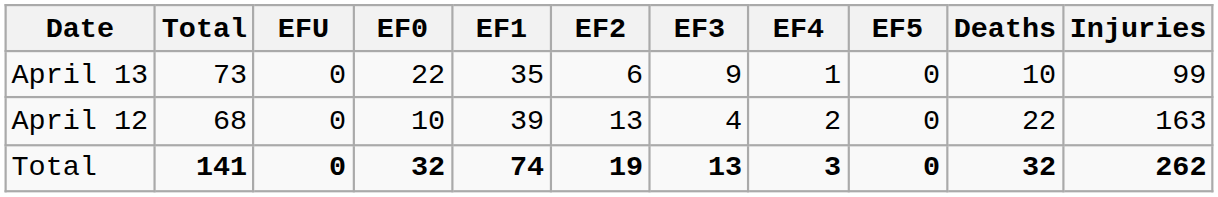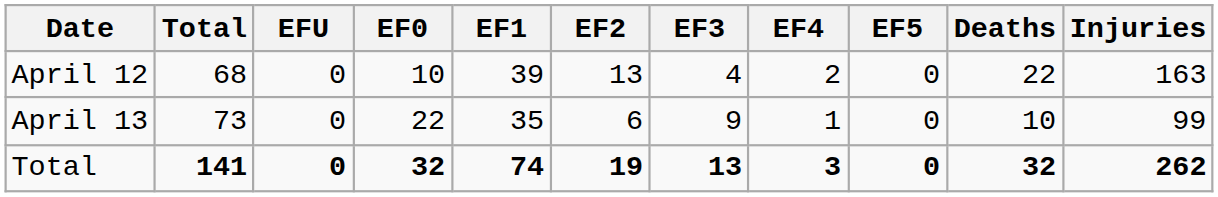 <table class="wikitable sortable" style="margin: 1em auto 1em auto;">
 <tr>
 <th scope="col">Date</th>
 <th scope="col" style="text-align:center;">Total</th>
 <th scope="col" style="text-align:center;"> EFU </th>
 <th scope="col" style="text-align:center;"> EF0 </th>
 <th scope="col" style="text-align:center;"> EF1 </th>
 <th scope="col" style="text-align:center;"> EF2 </th>
 <th scope="col" style="text-align:center;"> EF3 </th>
 <th scope="col" style="text-align:center;"> EF4 </th>
 <th scope="col" style="text-align:center;"> EF5 </th>
 <th scope="col" style="text-align:center;">Deaths</th>
 <th scope="col" style="text-align:center;">Injuries</th>
 </tr>
 <tr>
+<td>April 12</td>
+<td align="right">68</td>
+<td align="right">0</td>
+<td align="right">10</td>
+<td align="right">39</td>
+<td align="right">13</td>
+<td align="right">4</td>
+<td align="right">2</td>
+<td align="right">0</td>
+<td align="right">22</td>
+<td align="right">163</td>
+</tr>
+<tr>
 <td>April 13</td>
 <td align="right">73</td>
 <td align="right">0</td>
 <td align="right">22</td>
 <td align="right">35</td>
 <td align="right">6</td>
 <td align="right">9</td>
 <td align="right">1</td>
 <td align="right">0</td>
 <td align="right">10</td>
 <td align="right">99</td>
-</tr>
-<tr>
-<td>April 12</td>
-<td align="right">68</td>
-<td align="right">0</td>
-<td align="right">10</td>
-<td align="right">39</td>
-<td align="right">13</td>
-<td align="right">4</td>
-<td align="right">2</td>
-<td align="right">0</td>
-<td align="right">22</td>
-<td align="right">163</td>
 </tr>
 <tr class="sortbottom">
 <td>Total</td>
 <td align="right"><strong>141</strong></td>
 <td align="right"><strong>0</strong></td>
 <td align="right"><strong>32</strong></td>
 <td align="right"><strong>74</strong></td>
 <td align="right"><strong>19</strong></td>
 <td align="right"><strong>13</strong></td>
 <td align="right"><strong>3</strong></td>
 <td align="right"><strong>0</strong></td>
 <td style="text-align:right;"><strong>32</strong></td>
 <td style="text-align:right;"><strong>262</strong></td>
 </tr>
 </table>
